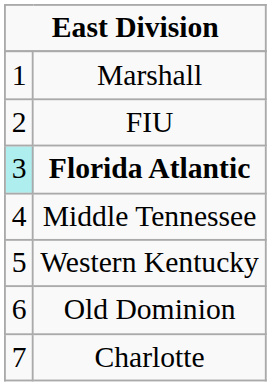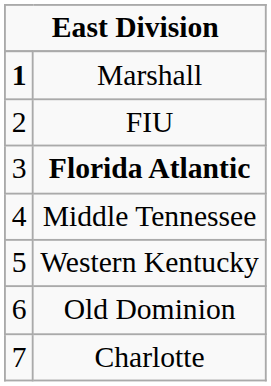 <table class="wikitable">
 <tr align="center">
 <td align="center" Colspan="2"><strong>East Division</strong></td>
 </tr>
 <tr align="center">
 </tr>
 <tr align="center">
-<td>1</td>
+<td><strong>1</strong></td>
 <td>Marshall</td>
 </tr>
 <tr align="center">
 <td>2</td>
 <td>FIU</td>
 </tr>
 <tr align="center">
-<td style="background: paleturquoise;">3</td>
+<td>3</td>
 <td><strong>Florida Atlantic</strong></td>
 </tr>
 <tr align="center">
 <td>4</td>
 <td>Middle Tennessee</td>
 </tr>
 <tr align="center">
 <td>5</td>
 <td>Western Kentucky</td>
 </tr>
 <tr align="center">
 <td>6</td>
 <td>Old Dominion</td>
 </tr>
 <tr align="center">
 <td>7</td>
 <td>Charlotte</td>
 </tr>
 </table>
